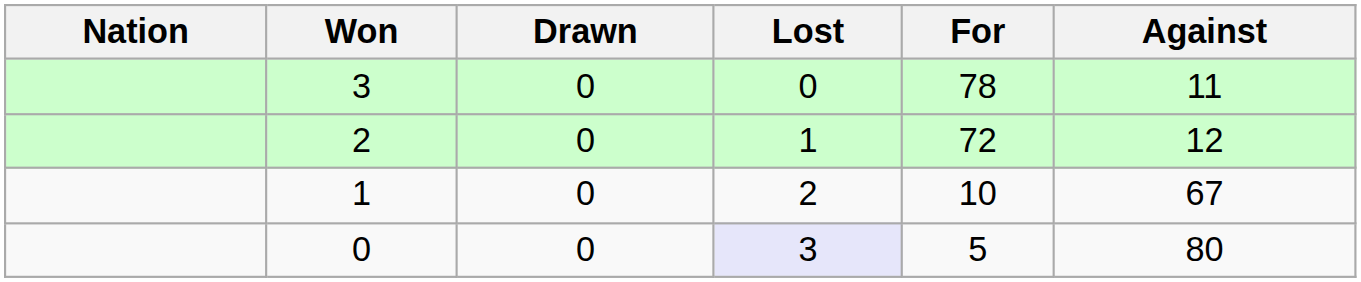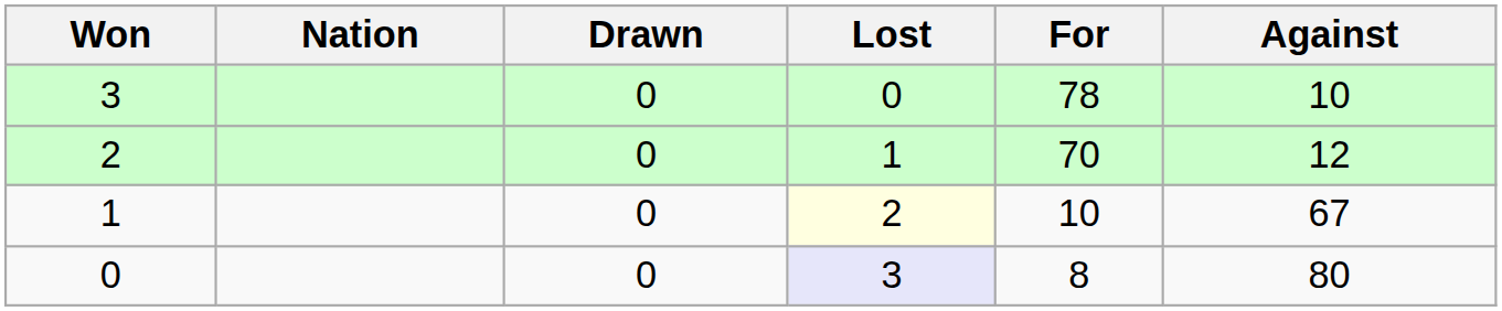 <table class="wikitable" border="1" style="text-align: center; width:50%">
 <tr>
+<th>Won</th>
 <th>Nation</th>
-<th>Won</th>
 <th>Drawn</th>
 <th>Lost</th>
 <th>For</th>
 <th>Against</th>
 </tr>
 <tr bgcolor=ccffcc>
+<td>3</td>
 <td align=left></td>
-<td>3</td>
 <td>0</td>
 <td>0</td>
 <td>78</td>
-<td>11</td>
+<td>10</td>
 </tr>
 <tr bgcolor=ccffcc>
+<td>2</td>
 <td align=left></td>
-<td>2</td>
 <td>0</td>
 <td>1</td>
-<td>72</td>
+<td>70</td>
 <td>12</td>
 </tr>
 <tr>
+<td>1</td>
 <td align=left></td>
-<td>1</td>
 <td>0</td>
-<td>2</td>
+<td style="background: lightyellow;">2</td>
 <td>10</td>
 <td>67</td>
 </tr>
 <tr>
+<td>0</td>
 <td align=left></td>
 <td>0</td>
-<td>0</td>
 <td style="background: lavender;">3</td>
-<td>5</td>
+<td>8</td>
 <td>80</td>
 </tr>
 </table>
